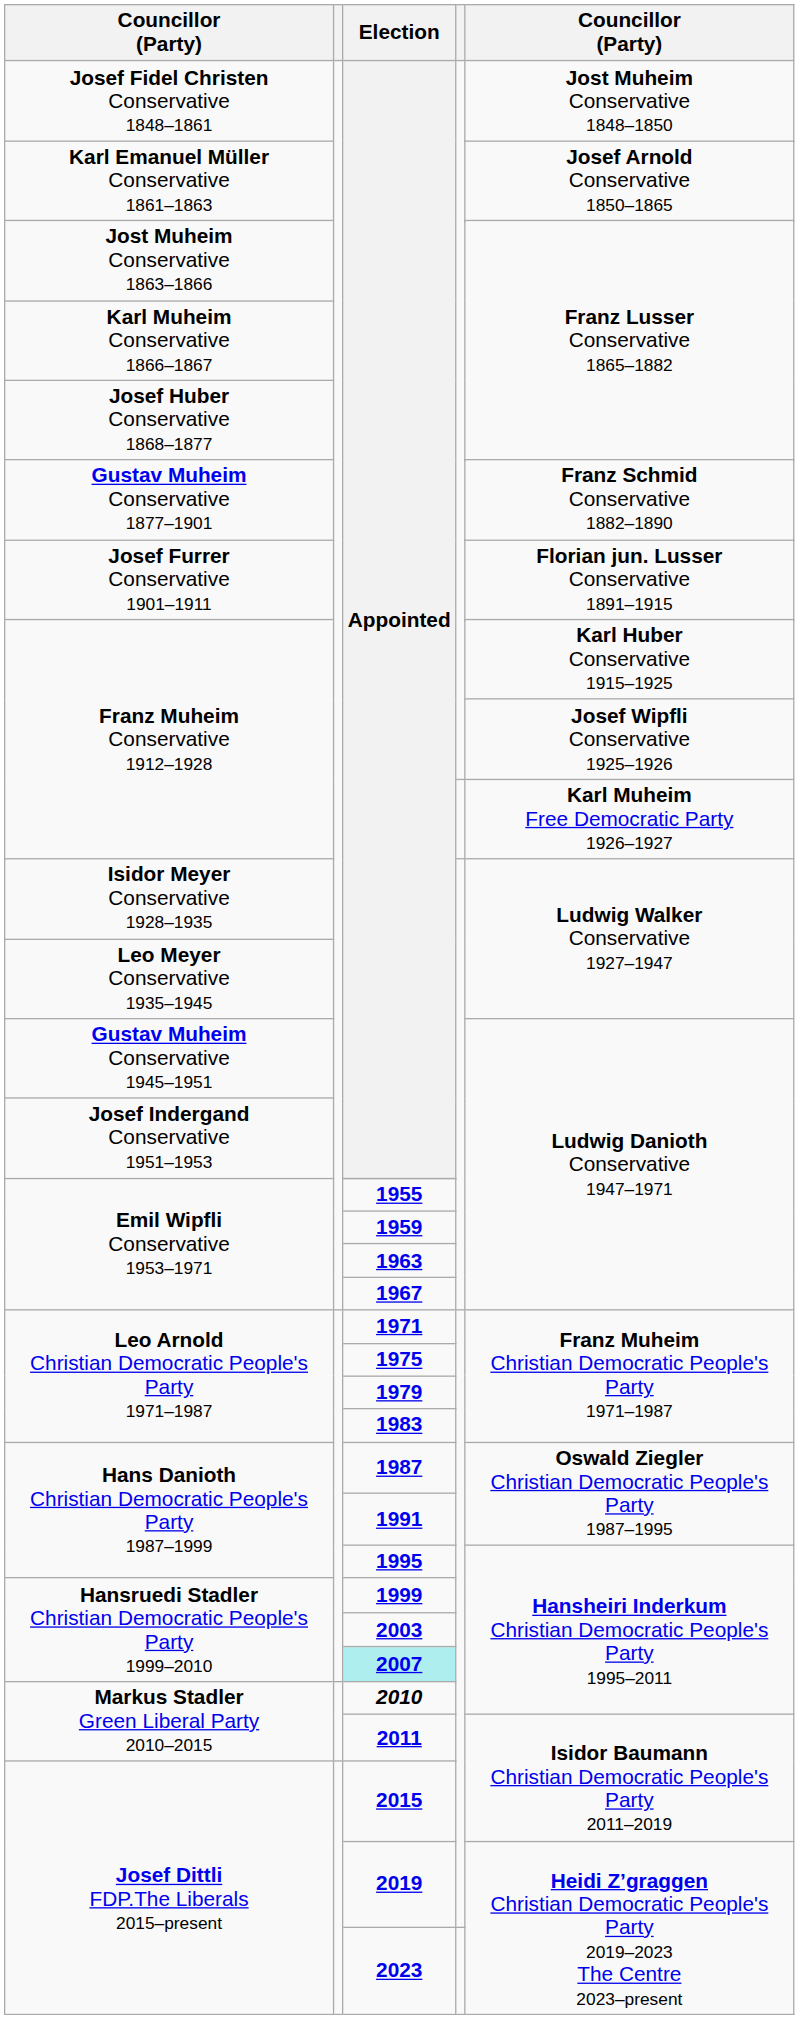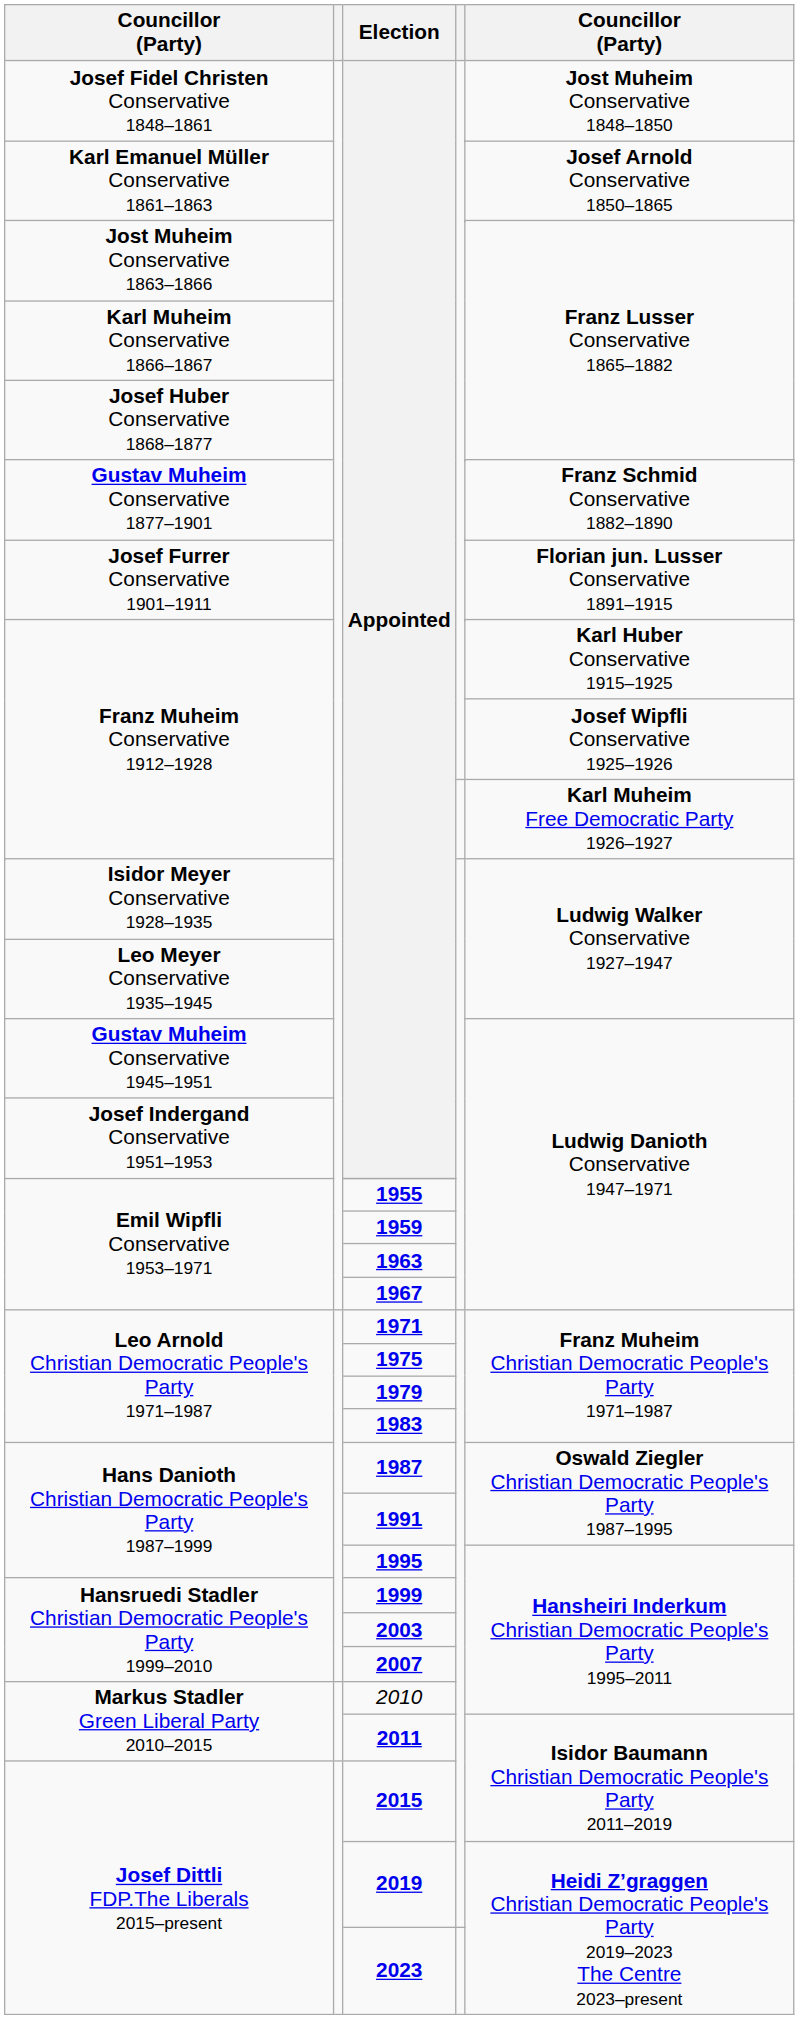 <table class="wikitable" style="text-align:center">
 <tr>
 <th scope="col" width="250" colspan = "1">Councillor<br> (Party)</th>
 <th></th>
 <th>Election</th>
 <th></th>
 <th scope="col" width="250" colspan = "1">Councillor<br> (Party)</th>
 </tr>
 <tr>
 <td rowspan=2><strong>Josef Fidel Christen</strong><br>Conservative<br><small>1848–1861</small></td>
 <td rowspan=26; style="background-color: "></td>
 <th rowspan=21>Appointed</th>
 <td rowspan=14; style="background-color: "></td>
 <td rowspan=1><strong>Jost Muheim</strong><br>Conservative<br><small>1848–1850</small></td>
 </tr>
 <tr>
 <td rowspan=3><strong>Josef Arnold</strong><br>Conservative<br><small>1850–1865</small></td>
 </tr>
 <tr>
 <td rowspan=1><strong>Karl Emanuel Müller</strong><br>Conservative<br><small>1861–1863</small></td>
 </tr>
 <tr>
 <td rowspan=2><strong>Jost Muheim</strong><br>Conservative<br><small>1863–1866</small></td>
 </tr>
 <tr>
 <td rowspan=4><strong>Franz Lusser</strong><br>Conservative<br><small>1865–1882</small></td>
 </tr>
 <tr>
 <td rowspan=1><strong>Karl Muheim</strong><br>Conservative<br><small>1866–1867</small></td>
 </tr>
 <tr>
 <td rowspan=1><strong>Josef Huber</strong><br>Conservative<br><small>1868–1877</small></td>
 </tr>
 <tr>
 <td rowspan=3><strong><a href='#'>Gustav Muheim</a></strong><br>Conservative<br><small>1877–1901</small></td>
 </tr>
 <tr>
 <td rowspan=1><strong>Franz Schmid</strong><br>Conservative<br><small>1882–1890</small></td>
 </tr>
 <tr>
 <td rowspan=3><strong>Florian jun. Lusser</strong><br>Conservative<br><small>1891–1915</small></td>
 </tr>
 <tr>
 <td rowspan=1><strong>Josef Furrer</strong><br>Conservative<br><small>1901–1911</small></td>
 </tr>
 <tr>
 <td rowspan=5><strong>Franz Muheim</strong><br>Conservative<br><small>1912–1928</small></td>
 </tr>
 <tr>
 <td rowspan=1><strong>Karl Huber</strong><br>Conservative<br><small>1915–1925</small></td>
 </tr>
 <tr>
 <td rowspan=1><strong>Josef Wipfli</strong><br>Conservative<br><small>1925–1926</small></td>
 </tr>
 <tr>
 <td rowspan=1; style="background-color: "></td>
 <td rowspan=1><strong>Karl Muheim</strong><br><a href='#'>Free Democratic Party</a><br><small>1926–1927</small></td>
 </tr>
 <tr>
 <td rowspan=11; style="background-color: "></td>
 <td rowspan=4><strong>Ludwig Walker</strong><br>Conservative<br><small>1927–1947</small></td>
 </tr>
 <tr>
 <td rowspan=1><strong>Isidor Meyer</strong><br>Conservative<br><small>1928–1935</small></td>
 </tr>
 <tr>
 <td rowspan=1><strong>Leo Meyer</strong><br>Conservative<br><small>1935–1945</small></td>
 </tr>
 <tr>
 <td rowspan=2><strong><a href='#'>Gustav Muheim</a></strong><br>Conservative<br><small>1945–1951</small></td>
 </tr>
 <tr>
 <td rowspan=7><strong>Ludwig Danioth</strong><br>Conservative<br><small>1947–1971</small></td>
 </tr>
 <tr>
 <td rowspan=1><strong>Josef Indergand</strong><br>Conservative<br><small>1951–1953</small></td>
 </tr>
 <tr>
 <td rowspan=5><strong>Emil Wipfli</strong><br>Conservative<br><small>1953–1971</small></td>
 </tr>
 <tr>
 <td><strong><a href='#'>1955</a></strong></td>
 </tr>
 <tr>
 <td><strong><a href='#'>1959</a></strong></td>
 </tr>
 <tr>
 <td><strong><a href='#'>1963</a></strong></td>
 </tr>
 <tr>
 <td><strong><a href='#'>1967</a></strong></td>
 </tr>
 <tr>
 <td rowspan=4><strong>Leo Arnold</strong><br><a href='#'>Christian Democratic People's Party</a><br><small>1971–1987</small></td>
 <td rowspan=10; style="background-color: "></td>
 <td><strong><a href='#'>1971</a></strong></td>
 <td rowspan=14; style="background-color: "></td>
 <td rowspan=4><strong>Franz Muheim</strong><br><a href='#'>Christian Democratic People's Party</a><br><small>1971–1987</small></td>
 </tr>
 <tr>
 <td><strong><a href='#'>1975</a></strong></td>
 </tr>
 <tr>
 <td><strong><a href='#'>1979</a></strong></td>
 </tr>
 <tr>
 <td><strong><a href='#'>1983</a></strong></td>
 </tr>
 <tr>
 <td rowspan=3><strong>Hans Danioth</strong><br><a href='#'>Christian Democratic People's Party</a><br><small>1987–1999</small></td>
 <td><strong><a href='#'>1987</a></strong></td>
 <td rowspan=2><strong>Oswald Ziegler</strong><br><a href='#'>Christian Democratic People's Party</a><br><small>1987–1995</small></td>
 </tr>
 <tr>
 <td><strong><a href='#'>1991</a></strong></td>
 </tr>
 <tr>
 <td><strong><a href='#'>1995</a></strong></td>
 <td rowspan=5><br><strong><a href='#'>Hansheiri Inderkum</a></strong><br><a href='#'>Christian Democratic People's Party</a><br><small>1995–2011</small></td>
 </tr>
 <tr>
 <td rowspan=3><strong>Hansruedi Stadler</strong><br><a href='#'>Christian Democratic People's Party</a><br><small>1999–2010</small></td>
 <td><strong><a href='#'>1999</a></strong></td>
 </tr>
 <tr>
 <td><strong><a href='#'>2003</a></strong></td>
 </tr>
 <tr>
-<td style="background: paleturquoise;"><strong><a href='#'>2007</a></strong></td>
+<td><strong><a href='#'>2007</a></strong></td>
 </tr>
 <tr>
 <td rowspan=2><strong>Markus Stadler</strong><br><a href='#'>Green Liberal Party</a><br><small>2010–2015</small></td>
 <td rowspan=2; style="background-color: "></td>
-<td><strong><em>2010</em></strong></td>
+<td><em>2010</em></td>
 </tr>
 <tr>
 <td><strong><a href='#'>2011</a></strong></td>
 <td rowspan=2><br><strong>Isidor Baumann</strong><br><a href='#'>Christian Democratic People's Party</a><br><small>2011–2019</small></td>
 </tr>
 <tr>
 <td rowspan=3><br><strong><a href='#'>Josef Dittli</a></strong><br><a href='#'>FDP.The Liberals</a><br><small>2015–present</small></td>
 <td rowspan=3; style="background-color: "></td>
 <td><strong><a href='#'>2015</a></strong></td>
 </tr>
 <tr>
 <td><strong><a href='#'>2019</a></strong></td>
 <td rowspan=2><br><strong><a href='#'>Heidi Z’graggen</a></strong><br><a href='#'>Christian Democratic People's Party</a><br><small>2019–2023</small><br><a href='#'>The Centre</a><br><small>2023–present</small></td>
 </tr>
 <tr>
 <td><strong><a href='#'>2023</a></strong></td>
 <td rowspan=1; style="background-color: "></td>
 </tr>
 </table>
